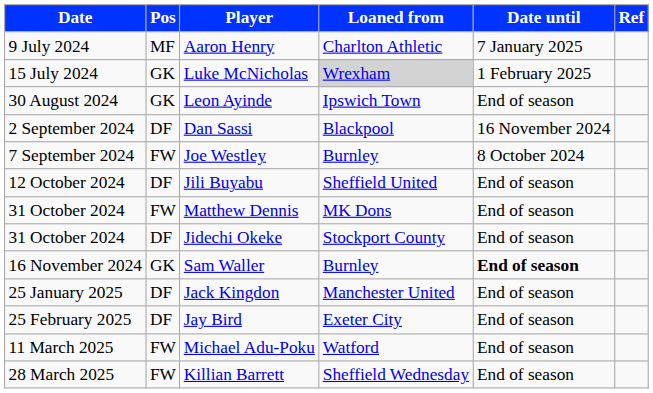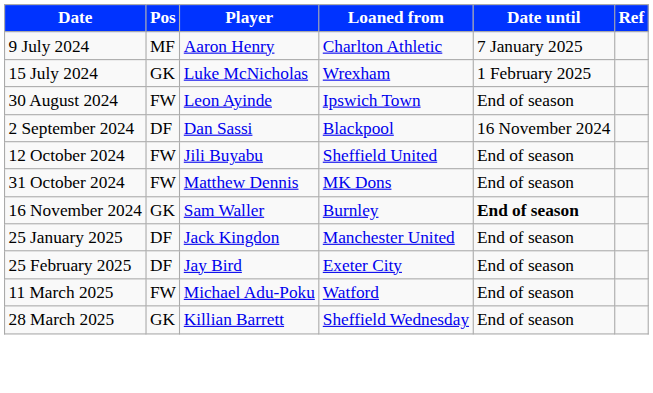 <table class="wikitable plainrowheaders sortable">
 <tr>
 <th style="background:#03f;color:#fff;">Date</th>
 <th style="background:#03f;color:#fff;">Pos</th>
 <th style="background:#03f;color:#fff;">Player</th>
 <th style="background:#03f;color:#fff;">Loaned from</th>
 <th style="background:#03f;color:#fff;">Date until</th>
 <th style="background:#03f;color:#fff;">Ref</th>
 </tr>
 <tr>
 <td>9 July 2024</td>
 <td>MF</td>
 <td> <a href='#'>Aaron Henry</a></td>
 <td> <a href='#'>Charlton Athletic</a></td>
 <td>7 January 2025</td>
 <td></td>
 </tr>
 <tr>
 <td>15 July 2024</td>
 <td>GK</td>
 <td> <a href='#'>Luke McNicholas</a></td>
-<td style="background: lightgrey;"> <a href='#'>Wrexham</a></td>
+<td> <a href='#'>Wrexham</a></td>
 <td>1 February 2025</td>
 <td></td>
 </tr>
 <tr>
 <td>30 August 2024</td>
-<td>GK</td>
+<td>FW</td>
 <td> <a href='#'>Leon Ayinde</a></td>
 <td> <a href='#'>Ipswich Town</a></td>
 <td>End of season</td>
 <td></td>
 </tr>
 <tr>
 <td>2 September 2024</td>
 <td>DF</td>
 <td> <a href='#'>Dan Sassi</a></td>
 <td> <a href='#'>Blackpool</a></td>
 <td>16 November 2024</td>
 <td></td>
 </tr>
 <tr>
-<td>7 September 2024</td>
+<td>12 October 2024</td>
 <td>FW</td>
-<td> <a href='#'>Joe Westley</a></td>
-<td> <a href='#'>Burnley</a></td>
-<td>8 October 2024</td>
-<td></td>
-</tr>
-<tr>
-<td>12 October 2024</td>
-<td>DF</td>
 <td> <a href='#'>Jili Buyabu</a></td>
 <td> <a href='#'>Sheffield United</a></td>
 <td>End of season</td>
 <td></td>
 </tr>
 <tr>
 <td>31 October 2024</td>
 <td>FW</td>
 <td> <a href='#'>Matthew Dennis</a></td>
 <td> <a href='#'>MK Dons</a></td>
-<td>End of season</td>
-<td></td>
-</tr>
-<tr>
-<td>31 October 2024</td>
-<td>DF</td>
-<td> <a href='#'>Jidechi Okeke</a></td>
-<td> <a href='#'>Stockport County</a></td>
 <td>End of season</td>
 <td></td>
 </tr>
 <tr>
 <td>16 November 2024</td>
 <td>GK</td>
 <td> <a href='#'>Sam Waller</a></td>
 <td> <a href='#'>Burnley</a></td>
 <td><strong>End of season</strong></td>
 <td></td>
 </tr>
 <tr>
 <td>25 January 2025</td>
 <td>DF</td>
 <td> <a href='#'>Jack Kingdon</a></td>
 <td> <a href='#'>Manchester United</a></td>
 <td>End of season</td>
 <td></td>
 </tr>
 <tr>
 <td>25 February 2025</td>
 <td>DF</td>
 <td> <a href='#'>Jay Bird</a></td>
 <td> <a href='#'>Exeter City</a></td>
 <td>End of season</td>
 <td></td>
 </tr>
 <tr>
 <td>11 March 2025</td>
 <td>FW</td>
 <td> <a href='#'>Michael Adu-Poku</a></td>
 <td> <a href='#'>Watford</a></td>
 <td>End of season</td>
 <td></td>
 </tr>
 <tr>
 <td>28 March 2025</td>
-<td>FW</td>
+<td>GK</td>
 <td> <a href='#'>Killian Barrett</a></td>
 <td> <a href='#'>Sheffield Wednesday</a></td>
 <td>End of season</td>
 <td></td>
 </tr>
 </table>
